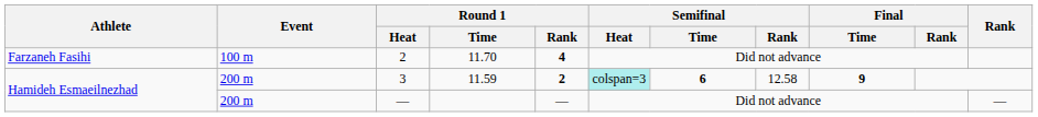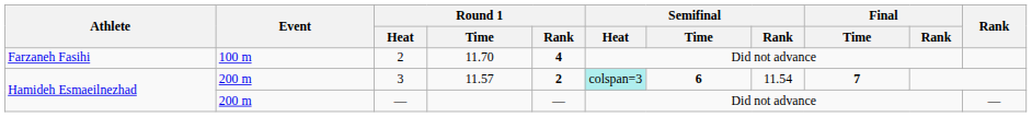 <table class="wikitable" width="90%" style="text-align:center; font-size:90%">
 <tr>
 <th rowspan="2" width="20%">Athlete</th>
 <th rowspan="2" width="15%">Event</th>
 <th colspan="3" width="20%">Round 1</th>
 <th colspan="3" width="20%">Semifinal</th>
 <th colspan="2" width="15%">Final</th>
 <th rowspan="2" width="6%">Rank</th>
 </tr>
 <tr>
 <th width="5%">Heat</th>
 <th width="10%">Time</th>
 <th>Rank</th>
 <th width="5%">Heat</th>
 <th width="10%">Time</th>
 <th>Rank</th>
 <th width="10%">Time</th>
 <th>Rank</th>
 </tr>
 <tr>
 <td align="left"><a href='#'>Farzaneh Fasihi</a></td>
 <td align="left"><a href='#'>100 m</a></td>
 <td>2</td>
 <td>11.70</td>
 <td><strong>4</strong></td>
 <td colspan=5>Did not advance</td>
 <td></td>
 </tr>
 <tr>
 <td rowspan=2 align="left"><a href='#'>Hamideh Esmaeilnezhad</a></td>
 <td align="left"><a href='#'>200 m</a></td>
 <td>3</td>
-<td>11.59</td>
+<td>11.57</td>
 <td><strong>2</strong> <strong></strong></td>
 <td style="background: paleturquoise;">colspan=3 </td>
 <td><strong>6</strong></td>
-<td>12.58</td>
-<td><strong>9</strong></td>
+<td>11.54</td>
+<td><strong>7</strong></td>
 </tr>
 <tr>
 <td align="left"><a href='#'>200 m</a></td>
 <td>—</td>
 <td></td>
 <td>—</td>
 <td colspan=5>Did not advance</td>
 <td>—</td>
 </tr>
 </table>
